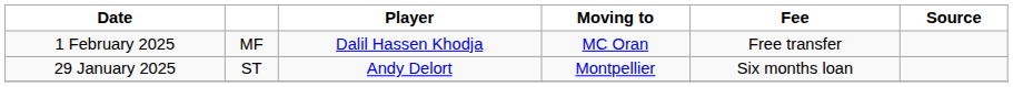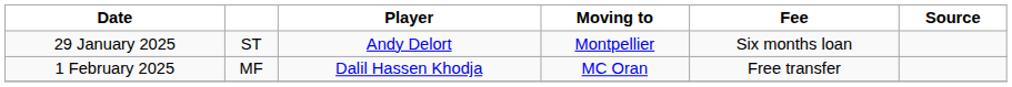 <table class="wikitable sortable" style="width:70%; text-align:center; font-size:90%; text-align:centre;">
 <tr>
 <th style="background:white; color:black; text-align:center;">Date</th>
 <th style="background:white; color:black; text-align:center;"></th>
 <th style="background:white; color:black; text-align:center;">Player</th>
 <th style="background:white; color:black; text-align:center;">Moving to</th>
 <th style="background:white; color:black; text-align:center;">Fee</th>
 <th style="background:white; color:black; text-align:center;">Source</th>
 </tr>
 <tr>
+<td>29 January 2025</td>
+<td>ST</td>
+<td> <a href='#'>Andy Delort</a></td>
+<td> <a href='#'>Montpellier</a></td>
+<td>Six months loan</td>
+<td></td>
+</tr>
+<tr>
 <td>1 February 2025</td>
 <td>MF</td>
 <td> <a href='#'>Dalil Hassen Khodja</a></td>
 <td><a href='#'>MC Oran</a></td>
 <td>Free transfer</td>
 <td></td>
 </tr>
 <tr>
-<td>29 January 2025</td>
-<td>ST</td>
-<td> <a href='#'>Andy Delort</a></td>
-<td> <a href='#'>Montpellier</a></td>
-<td>Six months loan</td>
-<td></td>
-</tr>
-<tr>
 </tr>
 </table>
